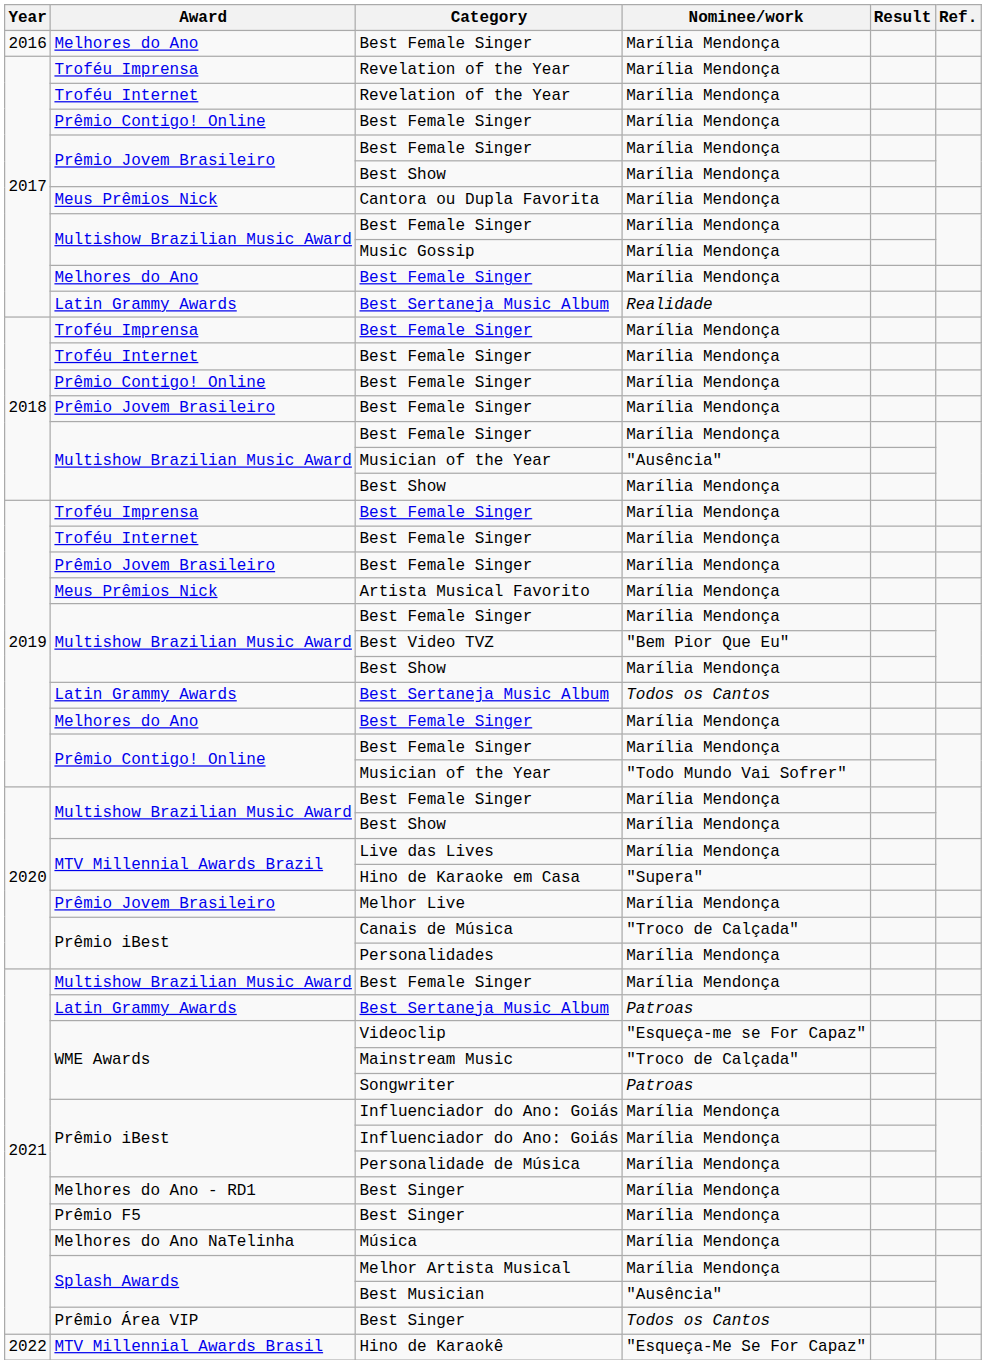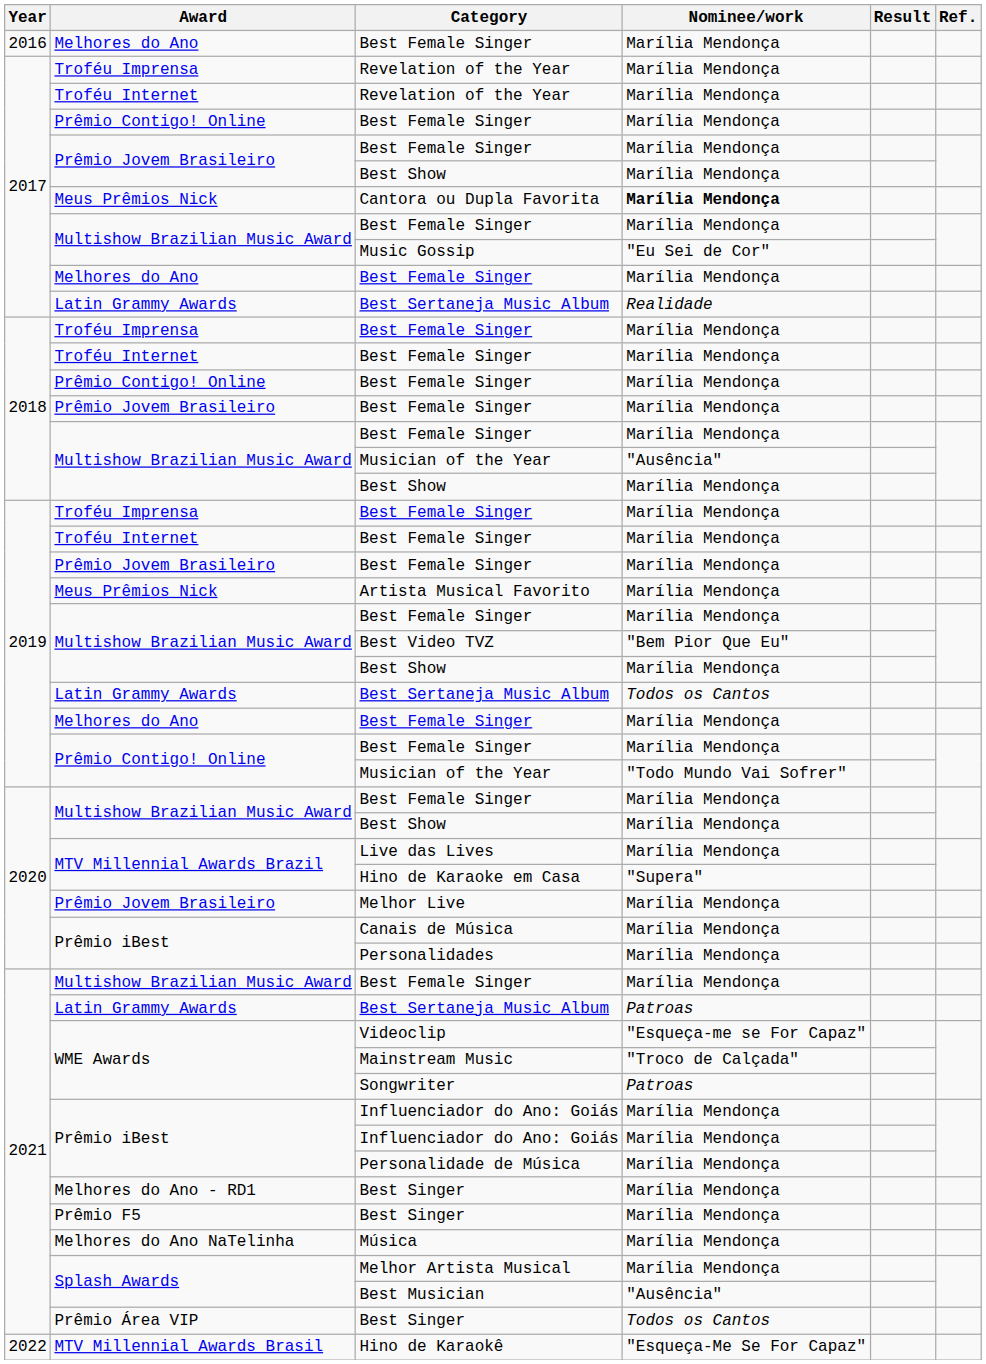 <table class="wikitable">
 <tr>
 <th>Year</th>
 <th>Award</th>
 <th>Category</th>
 <th>Nominee/work</th>
 <th>Result</th>
 <th>Ref.</th>
 </tr>
 <tr>
 <td>2016</td>
 <td><a href='#'>Melhores do Ano</a></td>
 <td>Best Female Singer</td>
 <td>Marília Mendonça</td>
 <td></td>
 <td></td>
 </tr>
 <tr>
 <td rowspan="10">2017</td>
 <td><a href='#'>Troféu Imprensa</a></td>
 <td>Revelation of the Year</td>
 <td>Marília Mendonça</td>
 <td></td>
 <td></td>
 </tr>
 <tr>
 <td><a href='#'>Troféu Internet</a></td>
 <td>Revelation of the Year</td>
 <td>Marília Mendonça</td>
 <td></td>
 <td></td>
 </tr>
 <tr>
 <td><a href='#'>Prêmio Contigo! Online</a></td>
 <td>Best Female Singer</td>
 <td>Marília Mendonça</td>
 <td></td>
 <td></td>
 </tr>
 <tr>
 <td rowspan="2"><a href='#'>Prêmio Jovem Brasileiro</a></td>
 <td>Best Female Singer</td>
 <td>Marília Mendonça</td>
 <td></td>
 <td rowspan="2"></td>
 </tr>
 <tr>
 <td>Best Show</td>
 <td>Marília Mendonça</td>
 <td></td>
 </tr>
 <tr>
 <td><a href='#'>Meus Prêmios Nick</a></td>
 <td>Cantora ou Dupla Favorita</td>
-<td>Marília Mendonça</td>
+<td><strong>Marília Mendonça</strong></td>
 <td></td>
 <td></td>
 </tr>
 <tr>
 <td rowspan="2"><a href='#'>Multishow Brazilian Music Award</a></td>
 <td>Best Female Singer</td>
 <td>Marília Mendonça</td>
 <td></td>
 <td rowspan="2"></td>
 </tr>
 <tr>
 <td>Music Gossip</td>
-<td>Marília Mendonça</td>
+<td>"Eu Sei de Cor"</td>
 <td></td>
 </tr>
 <tr>
 <td><a href='#'>Melhores do Ano</a></td>
 <td><a href='#'>Best Female Singer</a></td>
 <td>Marília Mendonça</td>
 <td></td>
 <td></td>
 </tr>
 <tr>
 <td><a href='#'>Latin Grammy Awards</a></td>
 <td><a href='#'>Best Sertaneja Music Album</a></td>
 <td><em>Realidade</em></td>
 <td></td>
 <td></td>
 </tr>
 <tr>
 <td rowspan="7">2018</td>
 <td><a href='#'>Troféu Imprensa</a></td>
 <td><a href='#'>Best Female Singer</a></td>
 <td>Marília Mendonça</td>
 <td></td>
 <td></td>
 </tr>
 <tr>
 <td><a href='#'>Troféu Internet</a></td>
 <td>Best Female Singer</td>
 <td>Marília Mendonça</td>
 <td></td>
 <td></td>
 </tr>
 <tr>
 <td><a href='#'>Prêmio Contigoǃ Online</a></td>
 <td>Best Female Singer</td>
 <td>Marília Mendonça</td>
 <td></td>
 <td></td>
 </tr>
 <tr>
 <td><a href='#'>Prêmio Jovem Brasileiro</a></td>
 <td>Best Female Singer</td>
 <td>Marília Mendonça</td>
 <td></td>
 <td></td>
 </tr>
 <tr>
 <td rowspan="3"><a href='#'>Multishow Brazilian Music Award</a></td>
 <td>Best Female Singer</td>
 <td>Marília Mendonça</td>
 <td></td>
 <td rowspan="3"></td>
 </tr>
 <tr>
 <td>Musician of the Year</td>
 <td>"Ausência"</td>
 <td></td>
 </tr>
 <tr>
 <td>Best Show</td>
 <td>Marília Mendonça</td>
 <td></td>
 </tr>
 <tr>
 <td rowspan="11">2019</td>
 <td><a href='#'>Troféu Imprensa</a></td>
 <td><a href='#'>Best Female Singer</a></td>
 <td>Marília Mendonça</td>
 <td></td>
 <td></td>
 </tr>
 <tr>
 <td><a href='#'>Troféu Internet</a></td>
 <td>Best Female Singer</td>
 <td>Marília Mendonça</td>
 <td></td>
 <td></td>
 </tr>
 <tr>
 <td><a href='#'>Prêmio Jovem Brasileiro</a></td>
 <td>Best Female Singer</td>
 <td>Marília Mendonça</td>
 <td></td>
 <td></td>
 </tr>
 <tr>
 <td><a href='#'>Meus Prêmios Nick</a></td>
 <td>Artista Musical Favorito</td>
 <td>Marília Mendonça</td>
 <td></td>
 <td></td>
 </tr>
 <tr>
 <td rowspan="3"><a href='#'>Multishow Brazilian Music Award</a></td>
 <td>Best Female Singer</td>
 <td>Marília Mendonça</td>
 <td></td>
 <td rowspan="3"></td>
 </tr>
 <tr>
 <td>Best Video TVZ</td>
 <td>"Bem Pior Que Eu"</td>
 <td></td>
 </tr>
 <tr>
 <td>Best Show</td>
 <td>Marília Mendonça</td>
 <td></td>
 </tr>
 <tr>
 <td><a href='#'>Latin Grammy Awards</a></td>
 <td><a href='#'>Best Sertaneja Music Album</a></td>
 <td><em>Todos os Cantos</em></td>
 <td></td>
 <td></td>
 </tr>
 <tr>
 <td><a href='#'>Melhores do Ano</a></td>
 <td><a href='#'>Best Female Singer</a></td>
 <td>Marília Mendonça</td>
 <td></td>
 <td></td>
 </tr>
 <tr>
 <td rowspan="2"><a href='#'>Prêmio Contigo! Online</a></td>
 <td>Best Female Singer</td>
 <td>Marília Mendonça</td>
 <td></td>
 <td rowspan="2"></td>
 </tr>
 <tr>
 <td>Musician of the Year</td>
 <td>"Todo Mundo Vai Sofrer"</td>
 <td></td>
 </tr>
 <tr>
 <td rowspan="7">2020</td>
 <td rowspan="2"><a href='#'>Multishow Brazilian Music Award</a></td>
 <td>Best Female Singer</td>
 <td>Marília Mendonça</td>
 <td></td>
 <td rowspan="2"></td>
 </tr>
 <tr>
 <td>Best Show</td>
 <td>Marília Mendonça</td>
 <td></td>
 </tr>
 <tr>
 <td rowspan="2"><a href='#'>MTV Millennial Awards Brazil</a></td>
 <td>Live das Lives</td>
 <td>Marília Mendonça</td>
 <td></td>
 <td rowspan="2"></td>
 </tr>
 <tr>
 <td>Hino de Karaoke em Casa</td>
 <td>"Supera"</td>
 <td></td>
 </tr>
 <tr>
 <td><a href='#'>Prêmio Jovem Brasileiro</a></td>
 <td>Melhor Live</td>
 <td>Marília Mendonça</td>
 <td></td>
 <td></td>
 </tr>
 <tr>
 <td rowspan="2">Prêmio iBest</td>
 <td>Canais de Música</td>
-<td>"Troco de Calçada"</td>
+<td>Marília Mendonça</td>
 <td></td>
 <td></td>
 </tr>
 <tr>
 <td>Personalidades</td>
 <td>Marília Mendonça</td>
 <td></td>
 <td></td>
 </tr>
 <tr>
 <td rowspan="14">2021</td>
 <td><a href='#'>Multishow Brazilian Music Award</a></td>
 <td>Best Female Singer</td>
 <td>Marília Mendonça</td>
 <td></td>
 <td></td>
 </tr>
 <tr>
 <td><a href='#'>Latin Grammy Awards</a></td>
 <td><a href='#'>Best Sertaneja Music Album</a></td>
 <td><em>Patroas</em></td>
 <td></td>
 <td></td>
 </tr>
 <tr>
 <td rowspan="3">WME Awards</td>
 <td>Videoclip</td>
 <td>"Esqueça-me se For Capaz"</td>
 <td></td>
 <td rowspan="3"></td>
 </tr>
 <tr>
 <td>Mainstream Music</td>
 <td>"Troco de Calçada"</td>
 <td></td>
 </tr>
 <tr>
 <td>Songwriter</td>
 <td><em>Patroas</em></td>
 <td></td>
 </tr>
 <tr>
 <td rowspan=3>Prêmio iBest</td>
 <td>Influenciador do Ano: Goiás</td>
 <td>Marília Mendonça</td>
 <td></td>
 <td rowspan=3></td>
 </tr>
 <tr>
 <td>Influenciador do Ano: Goiás</td>
 <td>Marília Mendonça</td>
 <td></td>
 </tr>
 <tr>
 <td>Personalidade de Música</td>
 <td>Marília Mendonça</td>
 <td></td>
 </tr>
 <tr>
 <td>Melhores do Ano - RD1</td>
 <td>Best Singer</td>
 <td>Marília Mendonça</td>
 <td></td>
 <td></td>
 </tr>
 <tr>
 <td>Prêmio F5</td>
 <td>Best Singer</td>
 <td>Marília Mendonça</td>
 <td></td>
 <td></td>
 </tr>
 <tr>
 <td>Melhores do Ano NaTelinha</td>
 <td>Música</td>
 <td>Marília Mendonça</td>
 <td></td>
 <td></td>
 </tr>
 <tr>
 <td rowspan="2"><a href='#'>Splash Awards</a></td>
 <td>Melhor Artista Musical</td>
 <td>Marília Mendonça</td>
 <td></td>
 <td rowspan="2"></td>
 </tr>
 <tr>
 <td>Best Musician</td>
 <td>"Ausência"</td>
 <td></td>
 </tr>
 <tr>
 <td>Prêmio Área VIP</td>
 <td>Best Singer</td>
 <td><em>Todos os Cantos</em></td>
 <td></td>
 <td></td>
 </tr>
 <tr>
 <td>2022</td>
 <td><a href='#'>MTV Millennial Awards Brasil</a></td>
 <td>Hino de Karaokê</td>
 <td>"Esqueça-Me Se For Capaz"</td>
 <td></td>
 <td></td>
 </tr>
 </table>
